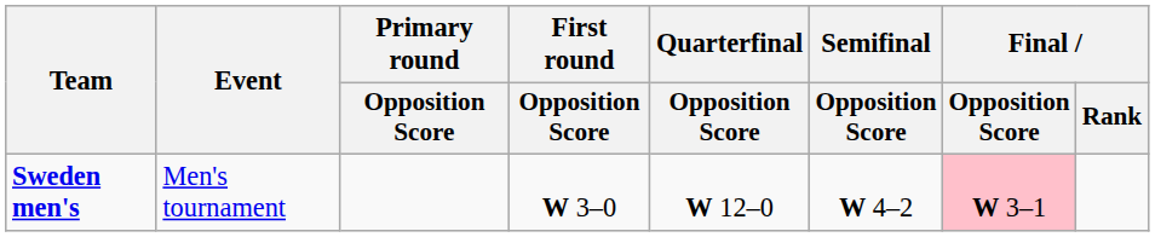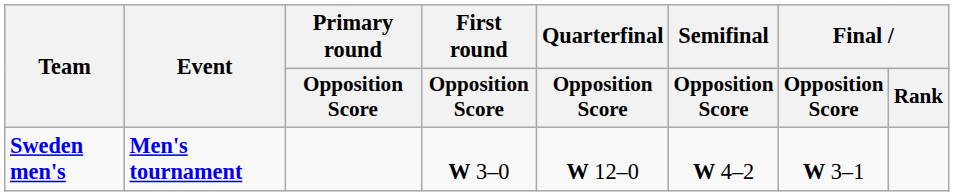 <table class="wikitable" style="font-size:90%">
 <tr>
 <th rowspan=2>Team</th>
 <th rowspan=2>Event</th>
 <th>Primary round</th>
 <th>First round</th>
 <th>Quarterfinal</th>
 <th>Semifinal</th>
 <th colspan=2>Final / </th>
 </tr>
 <tr style="font-size:95%">
 <th>Opposition<br>Score</th>
 <th>Opposition<br>Score</th>
 <th>Opposition<br>Score</th>
 <th>Opposition<br>Score</th>
 <th>Opposition<br>Score</th>
 <th>Rank</th>
 </tr>
 <tr align=center>
 <td align=left><strong><a href='#'>Sweden men's</a></strong></td>
-<td align=left><a href='#'>Men's tournament</a></td>
+<td align=left><strong><a href='#'>Men's tournament</a></strong></td>
 <td></td>
 <td><br><strong>W</strong> 3–0</td>
 <td><br><strong>W</strong> 12–0</td>
 <td><br><strong>W</strong> 4–2</td>
-<td style="background: pink;"><br><strong>W</strong> 3–1</td>
+<td><br><strong>W</strong> 3–1</td>
 <td></td>
 </tr>
 </table>
